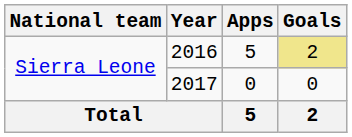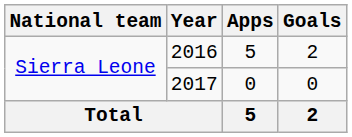 <table class="wikitable" style="text-align:center">
 <tr>
 <th>National team</th>
 <th>Year</th>
 <th>Apps</th>
 <th>Goals</th>
 </tr>
 <tr>
 <td rowspan="2"><a href='#'>Sierra Leone</a></td>
 <td>2016</td>
 <td>5</td>
-<td style="background: khaki;">2</td>
+<td>2</td>
 </tr>
 <tr>
 <td>2017</td>
 <td>0</td>
 <td>0</td>
 </tr>
 <tr>
 <th colspan=2>Total</th>
 <th>5</th>
 <th>2</th>
 </tr>
 </table>
